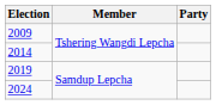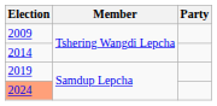 <table class="wikitable sortable">
 <tr>
 <th>Election</th>
 <th>Member</th>
 <th colspan=2>Party</th>
 </tr>
 <tr>
 <td><a href='#'>2009</a></td>
 <td rowspan=2><a href='#'>Tshering Wangdi Lepcha</a></td>
 <td></td>
 </tr>
 <tr>
 <td><a href='#'>2014</a></td>
 </tr>
 <tr>
 <td><a href='#'>2019</a></td>
 <td rowspan=2><a href='#'>Samdup Lepcha</a></td>
 <td></td>
 </tr>
 <tr>
-<td><a href='#'>2024</a></td>
+<td style="background: lightsalmon;"><a href='#'>2024</a></td>
 </tr>
 </table>
